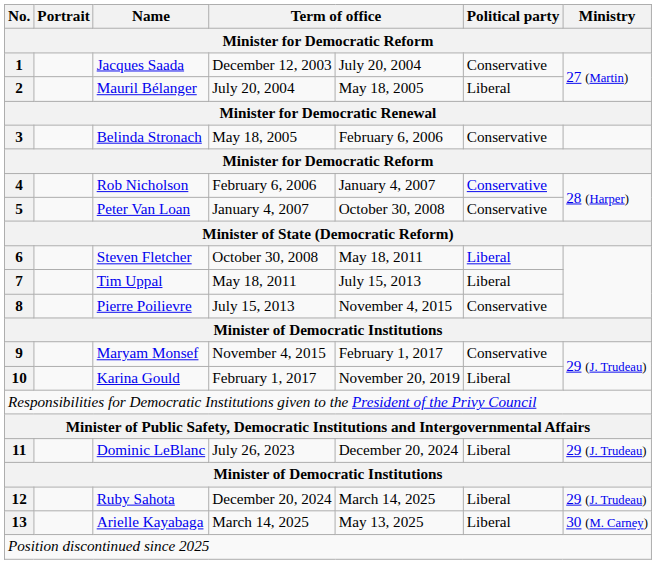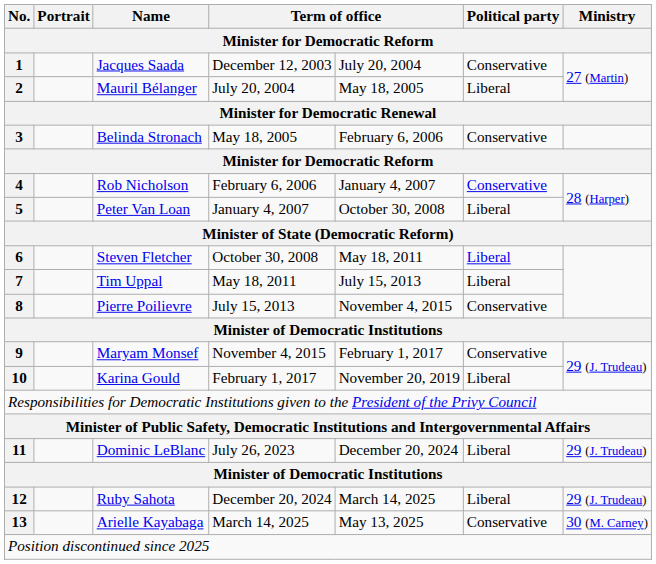 <table class="wikitable">
 <tr>
 <th>No.</th>
 <th>Portrait</th>
 <th>Name</th>
 <th colspan=2>Term of office</th>
 <th>Political party</th>
 <th>Ministry</th>
 </tr>
 <tr>
 <th colspan=7>Minister for Democratic Reform</th>
 </tr>
 <tr>
 <th style="background:">1</th>
 <td></td>
 <td><a href='#'>Jacques Saada</a></td>
 <td>December 12, 2003</td>
 <td>July 20, 2004</td>
 <td>Conservative</td>
 <td rowspan=2><a href='#'>27</a> <small>(<a href='#'>Martin</a>)</small></td>
 </tr>
 <tr>
 <th style="background:">2</th>
 <td></td>
 <td><a href='#'>Mauril Bélanger</a></td>
 <td>July 20, 2004</td>
 <td>May 18, 2005</td>
 <td>Liberal</td>
 </tr>
 <tr>
 <th colspan=7>Minister for Democratic Renewal</th>
 </tr>
 <tr>
 <th style="background:">3</th>
 <td></td>
 <td><a href='#'>Belinda Stronach</a></td>
 <td>May 18, 2005</td>
 <td>February 6, 2006</td>
 <td>Conservative</td>
 </tr>
 <tr>
 <th colspan=7>Minister for Democratic Reform</th>
 </tr>
 <tr>
 <th style="background:">4</th>
 <td></td>
 <td><a href='#'>Rob Nicholson</a></td>
 <td>February 6, 2006</td>
 <td>January 4, 2007</td>
 <td><a href='#'>Conservative</a></td>
 <td rowspan=2><a href='#'>28</a> <small>(<a href='#'>Harper</a>)</small></td>
 </tr>
 <tr>
 <th style="background:">5</th>
 <td></td>
 <td><a href='#'>Peter Van Loan</a></td>
 <td>January 4, 2007</td>
 <td>October 30, 2008</td>
-<td>Conservative</td>
+<td>Liberal</td>
 </tr>
 <tr>
 <th colspan=7>Minister of State (Democratic Reform)</th>
 </tr>
 <tr>
 <th style="background:">6</th>
 <td></td>
 <td><a href='#'>Steven Fletcher</a></td>
 <td>October 30, 2008</td>
 <td>May 18, 2011</td>
 <td><a href='#'>Liberal</a></td>
 </tr>
 <tr>
 <th style="background:">7</th>
 <td></td>
 <td><a href='#'>Tim Uppal</a></td>
 <td>May 18, 2011</td>
 <td>July 15, 2013</td>
 <td>Liberal</td>
 </tr>
 <tr>
 <th style="background:">8</th>
 <td></td>
 <td><a href='#'>Pierre Poilievre</a></td>
 <td>July 15, 2013</td>
 <td>November 4, 2015</td>
 <td>Conservative</td>
 </tr>
 <tr>
 <th colspan=7>Minister of Democratic Institutions</th>
 </tr>
 <tr>
 <th style="background:">9</th>
 <td></td>
 <td><a href='#'>Maryam Monsef</a></td>
 <td>November 4, 2015</td>
 <td>February 1, 2017</td>
 <td>Conservative</td>
 <td rowspan=2><a href='#'>29</a> <small>(<a href='#'>J. Trudeau</a>)</small></td>
 </tr>
 <tr>
 <th style="background:">10</th>
 <td></td>
 <td><a href='#'>Karina Gould</a></td>
 <td>February 1, 2017</td>
 <td>November 20, 2019</td>
 <td>Liberal</td>
 </tr>
 <tr>
 <td colspan=7><em>Responsibilities for Democratic Institutions given to the <a href='#'>President of the Privy Council</a></em></td>
 </tr>
 <tr>
 <th colspan=7>Minister of Public Safety, Democratic Institutions and Intergovernmental Affairs</th>
 </tr>
 <tr>
 <th style="background:">11</th>
 <td></td>
 <td><a href='#'>Dominic LeBlanc</a></td>
 <td>July 26, 2023</td>
 <td>December 20, 2024</td>
 <td>Liberal</td>
 <td><a href='#'>29</a> <small>(<a href='#'>J. Trudeau</a>)</small></td>
 </tr>
 <tr>
 <th colspan=7>Minister of Democratic Institutions</th>
 </tr>
 <tr>
 <th style="background:">12</th>
 <td></td>
 <td><a href='#'>Ruby Sahota</a></td>
 <td>December 20, 2024</td>
 <td>March 14, 2025</td>
 <td>Liberal</td>
 <td><a href='#'>29</a> <small>(<a href='#'>J. Trudeau</a>)</small></td>
 </tr>
 <tr>
 <th style="background:">13</th>
 <td></td>
 <td><a href='#'>Arielle Kayabaga</a></td>
 <td>March 14, 2025</td>
 <td>May 13, 2025</td>
-<td>Liberal</td>
+<td>Conservative</td>
 <td><a href='#'>30</a> <small>(<a href='#'>M. Carney</a>)</small></td>
 </tr>
 <tr>
 <td colspan=7><em>Position discontinued since 2025</em></td>
 </tr>
 </table>
